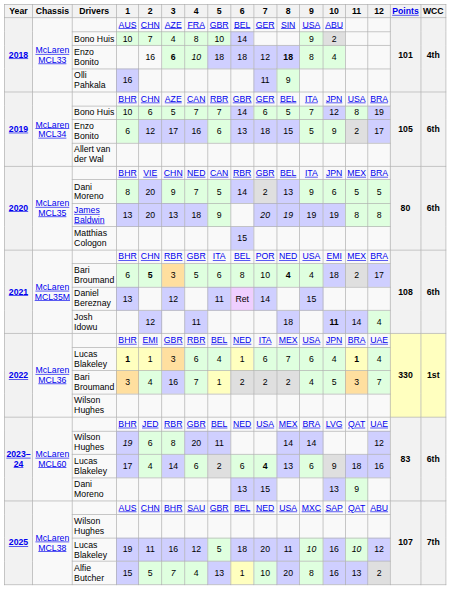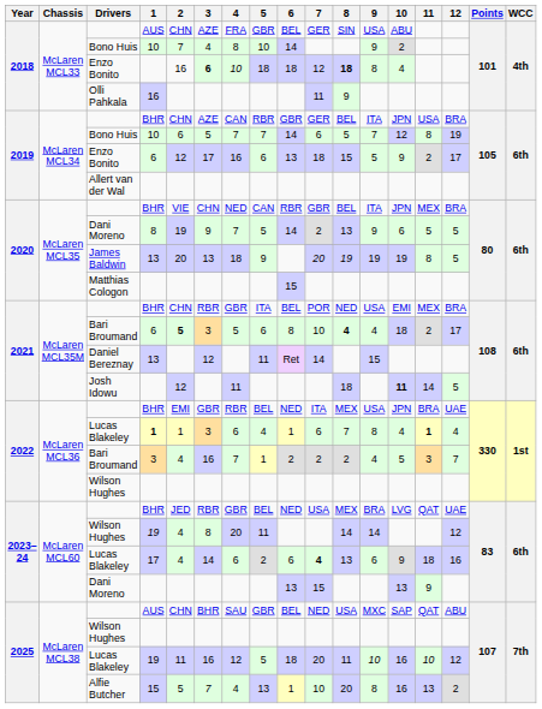 <table class="wikitable" style="text-align:center; font-size:85%">
 <tr>
 <th>Year</th>
 <th>Chassis</th>
 <th>Drivers</th>
 <th>1</th>
 <th>2</th>
 <th>3</th>
 <th>4</th>
 <th>5</th>
 <th>6</th>
 <th>7</th>
 <th>8</th>
 <th>9</th>
 <th>10</th>
 <th>11</th>
 <th>12</th>
 <th><a href='#'>Points</a></th>
 <th>WCC</th>
 </tr>
 <tr>
 <th rowspan="4"><a href='#'>2018</a></th>
 <td rowspan="4"><a href='#'>McLaren MCL33</a></td>
 <td></td>
 <td><a href='#'>AUS</a></td>
 <td><a href='#'>CHN</a></td>
 <td><a href='#'>AZE</a></td>
 <td><a href='#'>FRA</a></td>
 <td><a href='#'>GBR</a></td>
 <td><a href='#'>BEL</a></td>
 <td><a href='#'>GER</a></td>
 <td><a href='#'>SIN</a></td>
 <td><a href='#'>USA</a></td>
 <td><a href='#'>ABU</a></td>
 <td></td>
 <td></td>
 <th rowspan="4" style="background:#;">101</th>
 <th rowspan="4" style="background:#;">4th</th>
 </tr>
 <tr>
 <td align="left"> Bono Huis</td>
 <td style="background:#DFFFDF">10</td>
 <td style="background:#DFFFDF">7</td>
 <td style="background:#DFFFDF">4</td>
 <td style="background:#DFFFDF">8</td>
 <td style="background:#DFFFDF">10</td>
 <td style="background:#CFCFFF">14</td>
 <td style="background:"></td>
 <td style="background:"></td>
 <td style="background:#DFFFDF">9</td>
 <td style="background:#DFDFDF">2</td>
 <td></td>
 <td></td>
 </tr>
 <tr>
 <td align="left"> Enzo Bonito</td>
 <td style="background:"></td>
 <td style="background:#CFCFFFF">16</td>
 <td style="background:#DFFFDF"><strong>6</strong></td>
 <td style="background:#DFFFDF"><em>10</em></td>
 <td style="background:#CFCFFF">18</td>
 <td style="background:#CFCFFF">18</td>
 <td style="background:#CFCFFF">12</td>
 <td style="background:#CFCFFF"><strong>18</strong></td>
 <td style="background:#DFFFDF">8</td>
 <td style="background:#DFFFDF">4</td>
 <td></td>
 <td></td>
 </tr>
 <tr>
 <td align="left"> Olli Pahkala</td>
 <td style="background:#CFCFFF">16</td>
 <td style="background:"></td>
 <td style="background:#"></td>
 <td style="background:"></td>
 <td style="background:"></td>
 <td style="background:"></td>
 <td style="background:#CFCFFF">11</td>
 <td style="background: #DFFFDF">9</td>
 <td style="background:"></td>
 <td style="background:"></td>
 <td></td>
 <td></td>
 </tr>
 <tr>
 <th rowspan="4"><a href='#'>2019</a></th>
 <td rowspan="4"><a href='#'>McLaren MCL34</a></td>
 <td></td>
 <td><a href='#'>BHR</a></td>
 <td><a href='#'>CHN</a></td>
 <td><a href='#'>AZE</a></td>
 <td><a href='#'>CAN</a></td>
 <td><a href='#'>RBR</a></td>
 <td><a href='#'>GBR</a></td>
 <td><a href='#'>GER</a></td>
 <td><a href='#'>BEL</a></td>
 <td><a href='#'>ITA</a></td>
 <td><a href='#'>JPN</a></td>
 <td><a href='#'>USA</a></td>
 <td><a href='#'>BRA</a></td>
 <th rowspan="4" style="background:#;">105</th>
 <th rowspan="4" style="background:#;">6th</th>
 </tr>
 <tr>
 <td align="left"> Bono Huis</td>
 <td style="background:#DFFFDF">10</td>
 <td style="background:#DFFFDF">6</td>
 <td style="background:#DFFFDF">5</td>
 <td style="background:#DFFFDF">7</td>
 <td style="background:#DFFFDF">7</td>
 <td style="background:#CFCFFF">14</td>
 <td style="background:#DFFFDF">6</td>
 <td style="background:#DFFFDF">5</td>
 <td style="background:#DFFFDF">7</td>
 <td style="background:#CFCFFF">12</td>
 <td style="background:#DFFFDF">8</td>
 <td style="background:#CFCFFF">19</td>
 </tr>
 <tr>
 <td align="left"> Enzo Bonito</td>
 <td style="background:#DFFFDF">6</td>
 <td style="background:#CFCFFF">12</td>
 <td style="background:#CFCFFF">17</td>
 <td style="background:#CFCFFF">16</td>
 <td style="background:#DFFFDF">6</td>
 <td style="background:#CFCFFF">13</td>
 <td style="background:#CFCFFF">18</td>
 <td style="background:#CFCFFF">15</td>
 <td style="background:#DFFFDF">5</td>
 <td style="background:#DFFFDF">9</td>
 <td style="background:#DFDFDF">2</td>
 <td style="background:#CFCFFF">17</td>
 </tr>
 <tr>
 <td align="left"> Allert van der Wal</td>
 <td></td>
 <td></td>
 <td></td>
 <td></td>
 <td></td>
 <td></td>
 <td></td>
 <td></td>
 <td></td>
 <td></td>
 <td></td>
 <td></td>
 </tr>
 <tr>
 <th rowspan="4"><a href='#'>2020</a></th>
 <td rowspan="4"><a href='#'>McLaren MCL35</a></td>
 <td></td>
 <td><a href='#'>BHR</a></td>
 <td><a href='#'>VIE</a></td>
 <td><a href='#'>CHN</a></td>
 <td><a href='#'>NED</a></td>
 <td><a href='#'>CAN</a></td>
 <td><a href='#'>RBR</a></td>
 <td><a href='#'>GBR</a></td>
 <td><a href='#'>BEL</a></td>
 <td><a href='#'>ITA</a></td>
 <td><a href='#'>JPN</a></td>
 <td><a href='#'>MEX</a></td>
 <td><a href='#'>BRA</a></td>
 <th rowspan="4">80</th>
 <th rowspan="4">6th</th>
 </tr>
 <tr>
 <td align="left"> Dani Moreno</td>
 <td style="background:#DFFFDF">8</td>
-<td style="background:#CFCFFF">20</td>
+<td style="background:#CFCFFF">19</td>
 <td style="background:#DFFFDF">9</td>
 <td style="background:#DFFFDF">7</td>
 <td style="background:#DFFFDF">5</td>
 <td style="background:#CFCFFF">14</td>
 <td style="background:#DFDFDF">2</td>
 <td style="background:#CFCFFF">13</td>
 <td style="background:#DFFFDF">9</td>
 <td style="background:#DFFFDF">6</td>
 <td style="background:#DFFFDF">5</td>
 <td style="background:#DFFFDF">5</td>
 </tr>
 <tr>
 <td align="left"> <a href='#'>James Baldwin</a></td>
 <td style="background:#CFCFFF">13</td>
 <td style="background:#CFCFFF">20</td>
 <td style="background:#CFCFFF">13</td>
 <td style="background:#CFCFFF">18</td>
 <td style="background:#DFFFDF">9</td>
 <td style="background:"></td>
 <td style="background:#CFCFFF"><em>20</em></td>
 <td style="background:#CFCFFF"><em>19</em></td>
 <td style="background:#CFCFFF">19</td>
 <td style="background:#CFCFFF">19</td>
 <td style="background:#DFFFDF">8</td>
-<td style="background:#DFFFDF">8</td>
+<td style="background:#DFFFDF">5</td>
 </tr>
 <tr>
 <td align="left"> Matthias Cologon</td>
 <td></td>
 <td></td>
 <td></td>
 <td></td>
 <td></td>
 <td style="background:#CFCFFF">15</td>
 <td></td>
 <td style="background:"></td>
 <td></td>
 <td></td>
 <td></td>
 <td></td>
 </tr>
 <tr>
 <th rowspan="4"><a href='#'>2021</a></th>
 <td rowspan="4"><a href='#'>McLaren MCL35M</a></td>
 <td></td>
 <td><a href='#'>BHR</a></td>
 <td><a href='#'>CHN</a></td>
 <td><a href='#'>RBR</a></td>
 <td><a href='#'>GBR</a></td>
 <td><a href='#'>ITA</a></td>
 <td><a href='#'>BEL</a></td>
 <td><a href='#'>POR</a></td>
 <td><a href='#'>NED</a></td>
 <td><a href='#'>USA</a></td>
 <td><a href='#'>EMI</a></td>
 <td><a href='#'>MEX</a></td>
 <td><a href='#'>BRA</a></td>
 <th rowspan="4">108</th>
 <th rowspan="4">6th</th>
 </tr>
 <tr>
 <td align="left"> Bari Broumand</td>
 <td style="background:#DFFFDF">6</td>
 <td style="background:#DFFFDF"><strong>5</strong></td>
 <td style="background:#FFDF9F">3</td>
 <td style="background:#DFFFDF">5</td>
 <td style="background:#DFFFDF">6</td>
 <td style="background:#DFFFDF">8</td>
 <td style="background:#DFFFDF">10</td>
 <td style="background:#DFFFDF"><strong>4</strong></td>
 <td style="background:#DFFFDF">4</td>
 <td style="background:#CFCFFF">18</td>
 <td style="background:#DFDFDF">2</td>
 <td style="background: #CFCFFF">17</td>
 </tr>
 <tr>
 <td align="left"> Daniel Bereznay</td>
 <td style="background:#CFCFFF">13</td>
 <td style="background:"></td>
 <td style="background:#CFCFFF">12</td>
 <td style="background:"></td>
 <td style="background:#CFCFFF">11</td>
 <td style="background:#EFCFFF">Ret</td>
 <td style="background:#CFCFFF">14</td>
 <td style="background:"></td>
 <td style="background:#CFCFFF">15</td>
 <td style="background:"></td>
 <td style="background:"></td>
 <td style="background:"></td>
 </tr>
 <tr>
 <td align="left"> Josh Idowu</td>
 <td style="background:"></td>
 <td style="background:#CFCFFF">12</td>
 <td style="background:"></td>
 <td style="background:#CFCFFF">11</td>
 <td style="background:"></td>
 <td style="background:"></td>
 <td style="background:"></td>
 <td style="background:#CFCFFF">18</td>
 <td style="background:"></td>
 <td style="background:#CFCFFF"><strong>11</strong></td>
 <td style="background:#CFCFFF">14</td>
-<td style="background:#DFFFDF">4</td>
+<td style="background:#DFFFDF">5</td>
 </tr>
 <tr>
 <th rowspan="4"><a href='#'>2022</a></th>
 <td rowspan="4"><a href='#'>McLaren MCL36</a></td>
 <td></td>
 <td><a href='#'>BHR</a></td>
 <td><a href='#'>EMI</a></td>
 <td><a href='#'>GBR</a></td>
 <td><a href='#'>RBR</a></td>
 <td><a href='#'>BEL</a></td>
 <td><a href='#'>NED</a></td>
 <td><a href='#'>ITA</a></td>
 <td><a href='#'>MEX</a></td>
 <td><a href='#'>USA</a></td>
 <td><a href='#'>JPN</a></td>
 <td><a href='#'>BRA</a></td>
 <td><a href='#'>UAE</a></td>
 <th rowspan="4" style="background: #FFFFBF"><strong>330</strong></th>
 <th rowspan="4" style="background: #FFFFBF"><strong>1st</strong></th>
 </tr>
 <tr>
 <td align="left"> Lucas Blakeley</td>
 <td style="background: #FFFFBF"><strong>1</strong></td>
 <td style="background: #FFFFBF">1</td>
 <td style="background: #FFDF9F">3</td>
 <td style="background: #DFFFDF">6</td>
 <td style="background: #DFFFDF">4</td>
 <td style="background: #FFFFBF">1</td>
 <td style="background: #DFFFDF">6</td>
 <td style="background: #DFFFDF">7</td>
-<td style="background: #DFFFDF">6</td>
+<td style="background: #DFFFDF">8</td>
 <td style="background: #DFFFDF">4</td>
 <td style="background: #FFFFBF"><strong>1</strong></td>
 <td style="background:#DFFFDF">4</td>
 </tr>
 <tr>
 <td align="left"> Bari Broumand</td>
 <td style="background: #FFDF9F">3</td>
 <td style="background: #DFFFDF">4</td>
 <td style="background: #CFCFFF">16</td>
 <td style="background: #DFFFDF">7</td>
 <td style="background: #FFFFBF">1</td>
 <td style="background: #DFDFDF">2</td>
 <td style="background: #DFDFDF">2</td>
 <td style="background: #DFDFDF">2</td>
 <td style="background: #DFFFDF">4</td>
 <td style="background: #DFFFDF">5</td>
 <td style="background: #FFDF9F">3</td>
 <td style="background: #DFFFDF">7</td>
 </tr>
 <tr>
 <td align="left"> Wilson Hughes</td>
 <td style="background:"></td>
 <td style="background:"></td>
 <td style="background:"></td>
 <td style="background:"></td>
 <td style="background:"></td>
 <td style="background:"></td>
 <td style="background:"></td>
 <td style="background:"></td>
 <td style="background:"></td>
 <td style="background:"></td>
 <td style="background:"></td>
 <td style="background:"></td>
 </tr>
 <tr>
 <th rowspan="4"><a href='#'>2023–24</a></th>
 <td rowspan="4"><a href='#'>McLaren MCL60</a></td>
 <td></td>
 <td><a href='#'>BHR</a></td>
 <td><a href='#'>JED</a></td>
 <td><a href='#'>RBR</a></td>
 <td><a href='#'>GBR</a></td>
 <td><a href='#'>BEL</a></td>
 <td><a href='#'>NED</a></td>
 <td><a href='#'>USA</a></td>
 <td><a href='#'>MEX</a></td>
 <td><a href='#'>BRA</a></td>
 <td><a href='#'>LVG</a></td>
 <td><a href='#'>QAT</a></td>
 <td><a href='#'>UAE</a></td>
 <th rowspan="4" style="background:">83</th>
 <th rowspan="4" style="background:">6th</th>
 </tr>
 <tr>
 <td align="left"> Wilson Hughes</td>
 <td style="background: #CFCFFF"><em>19</em></td>
-<td style="background: #DFFFDF">6</td>
+<td style="background: #DFFFDF">4</td>
 <td style="background: #DFFFDF">8</td>
 <td style="background: #CFCFFF">20</td>
 <td style="background: #CFCFFF">11</td>
 <td style="background:"></td>
 <td style="background:"></td>
 <td style="background: #CFCFFF">14</td>
 <td style="background: #CFCFFF">14</td>
 <td style="background:"></td>
 <td style="background:"></td>
 <td style="background: #CFCFFF">12</td>
 </tr>
 <tr>
 <td align="left"> Lucas Blakeley</td>
 <td style="background: #CFCFFF">17</td>
 <td style="background: #DFFFDF">4</td>
 <td style="background: #CFCFFF">14</td>
 <td style="background: #DFFFDF">6</td>
 <td style="background: #DFDFDF">2</td>
 <td style="background: #DFFFDF">6</td>
 <td style="background: #DFFFDF"><strong>4</strong></td>
 <td style="background: #CFCFFF">13</td>
 <td style="background: #DFFFDF">6</td>
 <td style="background: #DFDFDF">9</td>
 <td style="background: #CFCFFF">18</td>
 <td style="background: #CFCFFF">16</td>
 </tr>
 <tr>
 <td align="left"> Dani Moreno</td>
 <td style="background:"></td>
 <td style="background:"></td>
 <td style="background:"></td>
 <td style="background:"></td>
 <td style="background:"></td>
 <td style="background: #CFCFFF">13</td>
 <td style="background: #CFCFFF">15</td>
 <td style="background:"></td>
 <td style="background:"></td>
 <td style="background: #CFCFFF">13</td>
 <td style="background: #DFFFDF">9</td>
 <td style="background:"></td>
 </tr>
 <tr>
 <th rowspan="5"><a href='#'>2025</a></th>
 <td rowspan="5"><a href='#'>McLaren MCL38</a></td>
 <td></td>
 <td><a href='#'>AUS</a></td>
 <td><a href='#'>CHN</a></td>
 <td><a href='#'>BHR</a></td>
 <td><a href='#'>SAU</a></td>
 <td><a href='#'>GBR</a></td>
 <td><a href='#'>BEL</a></td>
 <td><a href='#'>NED</a></td>
 <td><a href='#'>USA</a></td>
 <td><a href='#'>MXC</a></td>
 <td><a href='#'>SAP</a></td>
 <td><a href='#'>QAT</a></td>
 <td><a href='#'>ABU</a></td>
 <th rowspan="4" style="background:">107</th>
 <th rowspan="4" style="background:">7th</th>
 </tr>
 <tr>
 <td align="left"> Wilson Hughes</td>
 <td style="background:"></td>
 <td style="background:"></td>
 <td style="background:"></td>
 <td style="background:"></td>
 <td style="background:"></td>
 <td style="background:"></td>
 <td style="background:"></td>
 <td style="background:"></td>
 <td style="background:"></td>
 <td style="background:"></td>
 <td style="background:"></td>
 <td style="background:"></td>
 </tr>
 <tr>
 <td align="left"> Lucas Blakeley</td>
 <td style="background: #CFCFFF">19</td>
 <td style="background: #CFCFFF">11</td>
 <td style="background: #CFCFFF">16</td>
 <td style="background: #CFCFFF">12</td>
 <td style="background: #DFFFDF">5</td>
 <td style="background: #CFCFFF">18</td>
 <td style="background: #CFCFFF">20</td>
 <td style="background: #CFCFFF">11</td>
 <td style="background: #DFFFDF"><em>10</em></td>
 <td style="background: #CFCFFF">16</td>
 <td style="background: #DFFFDF"><em>10</em></td>
 <td style="background: #CFCFFF">12</td>
 </tr>
 <tr>
 <td align="left"> Alfie Butcher</td>
 <td style="background: #CFCFFF">15</td>
 <td style="background: #DFFFDF">5</td>
 <td style="background: #DFFFDF"><em>7</em></td>
 <td style="background: #DFFFDF">4</td>
 <td style="background: #CFCFFF">13</td>
 <td style="background: #FFFFBF">1</td>
 <td style="background: #DFFFDF">10</td>
 <td style="background: #CFCFFF">20</td>
 <td style="background: #DFFFDF">8</td>
 <td style="background: #CFCFFF">16</td>
 <td style="background: #CFCFFF">13</td>
 <td style="background: #DFDFDF">2</td>
 </tr>
 </table>
